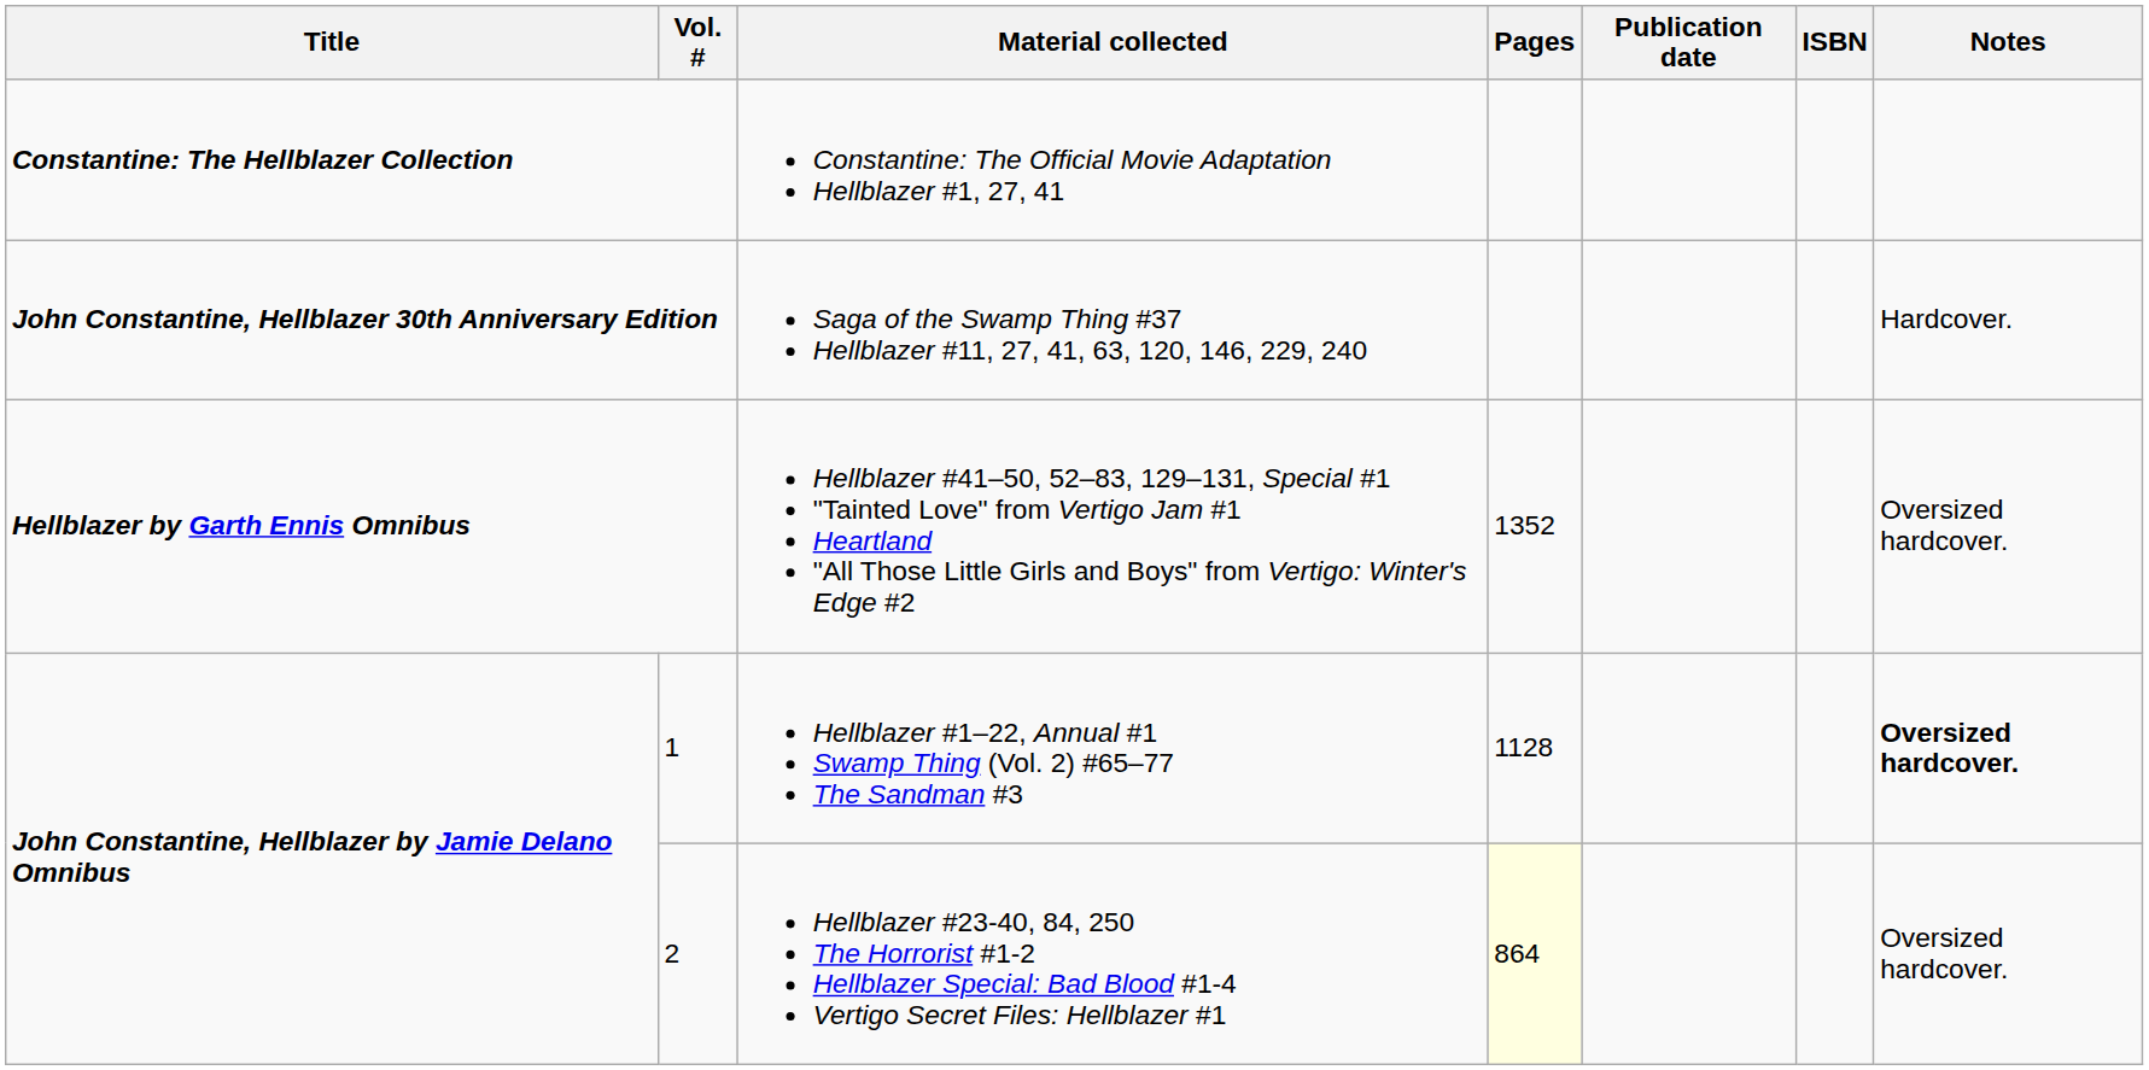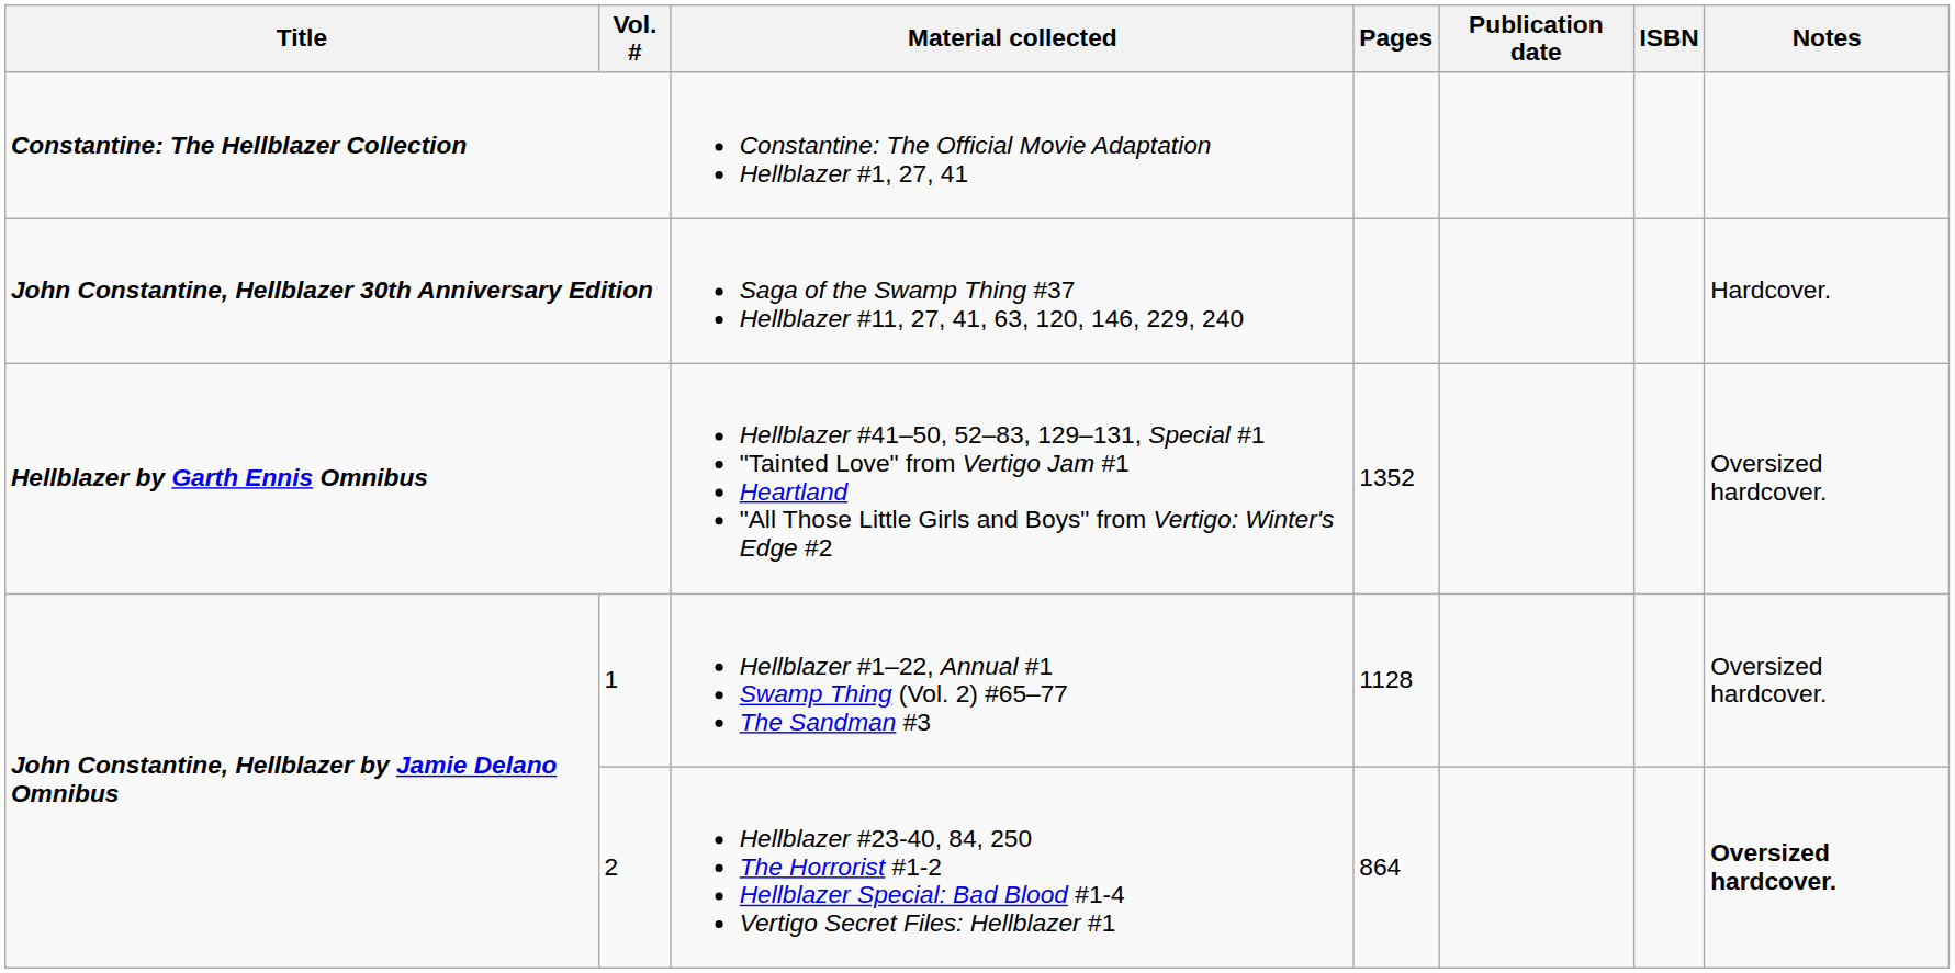 <table class="wikitable">
 <tr>
 <th>Title</th>
 <th>Vol. #</th>
 <th>Material collected</th>
 <th>Pages</th>
 <th>Publication date</th>
 <th>ISBN</th>
 <th>Notes</th>
 </tr>
 <tr>
 <td colspan="2"><strong><em>Constantine: The Hellblazer Collection</em></strong></td>
 <td><br><ul><li><em>Constantine: The Official Movie Adaptation</em></li><li><em>Hellblazer</em> #1, 27, 41</li></ul></td>
 <td></td>
 <td></td>
 <td></td>
 <td></td>
 </tr>
 <tr>
 <td colspan="2"><strong><em>John Constantine, Hellblazer 30th Anniversary Edition</em></strong></td>
 <td><br><ul><li><em>Saga of the Swamp Thing</em> #37</li><li><em>Hellblazer</em> #11, 27, 41, 63, 120, 146, 229, 240</li></ul></td>
 <td></td>
 <td></td>
 <td></td>
 <td>Hardcover.</td>
 </tr>
 <tr>
 <td colspan="2"><strong><em>Hellblazer by <a href='#'>Garth Ennis</a> Omnibus</em></strong></td>
 <td><br><ul><li><em>Hellblazer</em> #41–50, 52–83, 129–131, <em>Special</em> #1</li><li>"Tainted Love" from <em>Vertigo Jam</em> #1</li><li><em><a href='#'>Heartland</a></em></li><li>"All Those Little Girls and Boys" from <em>Vertigo: Winter's Edge</em> #2</li></ul></td>
 <td>1352</td>
 <td></td>
 <td></td>
 <td>Oversized hardcover.</td>
 </tr>
 <tr>
 <td rowspan="2"><strong><em>John Constantine, Hellblazer by <a href='#'>Jamie Delano</a> Omnibus</em></strong></td>
 <td>1</td>
 <td><br><ul><li><em>Hellblazer</em> #1–22, <em>Annual</em> #1</li><li><a href='#'><em>Swamp Thing</em></a> (Vol. 2) #65–77</li><li><a href='#'><em>The Sandman</em></a> #3</li></ul></td>
 <td>1128</td>
 <td></td>
 <td></td>
-<td><strong>Oversized hardcover.</strong></td>
+<td>Oversized hardcover.</td>
 </tr>
 <tr>
 <td>2</td>
 <td><br><ul><li><em>Hellblazer</em> #23-40, 84, 250</li><li><a href='#'><em>The Horrorist</em></a> #1-2</li><li><em><a href='#'>Hellblazer Special: Bad Blood</a></em> #1-4</li><li><em>Vertigo Secret Files: Hellblazer</em> #1</li></ul></td>
-<td style="background: lightyellow;">864</td>
+<td>864</td>
 <td></td>
 <td></td>
-<td>Oversized hardcover.</td>
+<td><strong>Oversized hardcover.</strong></td>
 </tr>
 </table>
